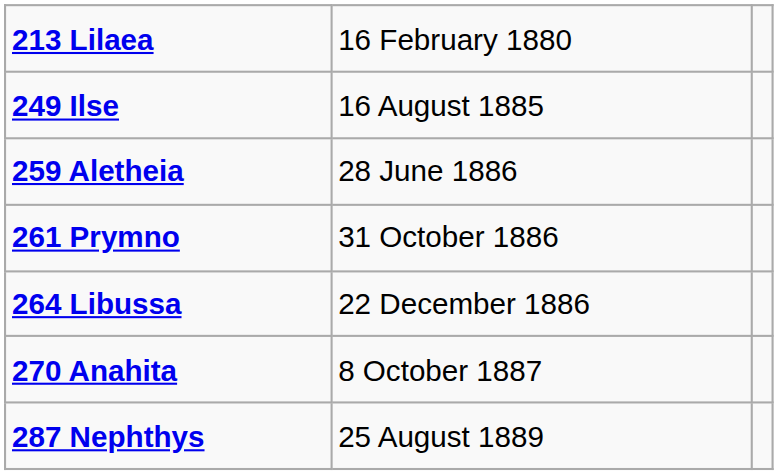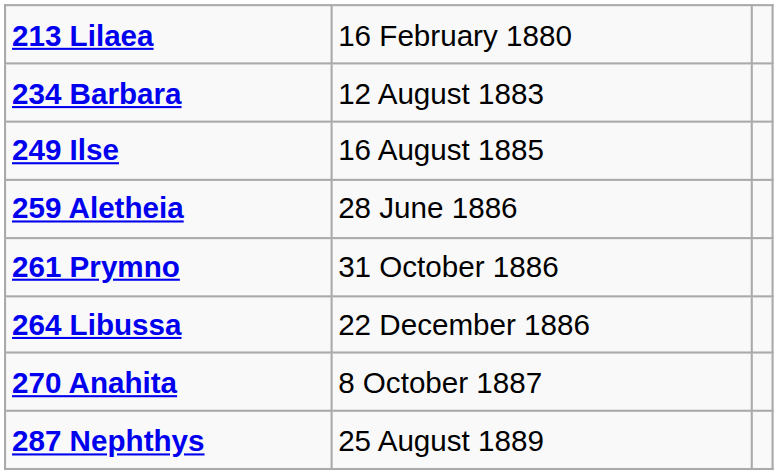 <table class="wikitable" style="font-size: 89%; float: left; width: 26em; margin-right: 1em; height: 224px;">
 <tr>
 <td><strong><a href='#'>213 Lilaea</a></strong></td>
 <td>16 February 1880</td>
+<td></td>
+</tr>
+<tr>
+<td><strong><a href='#'>234 Barbara</a></strong></td>
+<td>12 August 1883</td>
 <td></td>
 </tr>
 <tr>
 <td><strong><a href='#'>249 Ilse</a></strong></td>
 <td>16 August 1885</td>
 <td></td>
 </tr>
 <tr>
 <td><strong><a href='#'>259 Aletheia</a></strong></td>
 <td>28 June 1886</td>
 <td></td>
 </tr>
 <tr>
 <td><strong><a href='#'>261 Prymno</a></strong></td>
 <td>31 October 1886</td>
 <td></td>
 </tr>
 <tr>
 <td><strong><a href='#'>264 Libussa</a></strong></td>
 <td>22 December 1886</td>
 <td></td>
 </tr>
 <tr>
 <td><strong><a href='#'>270 Anahita</a></strong></td>
 <td>8 October 1887</td>
 <td></td>
 </tr>
 <tr>
 <td><strong><a href='#'>287 Nephthys</a></strong></td>
 <td>25 August 1889</td>
 <td></td>
 </tr>
 </table>
